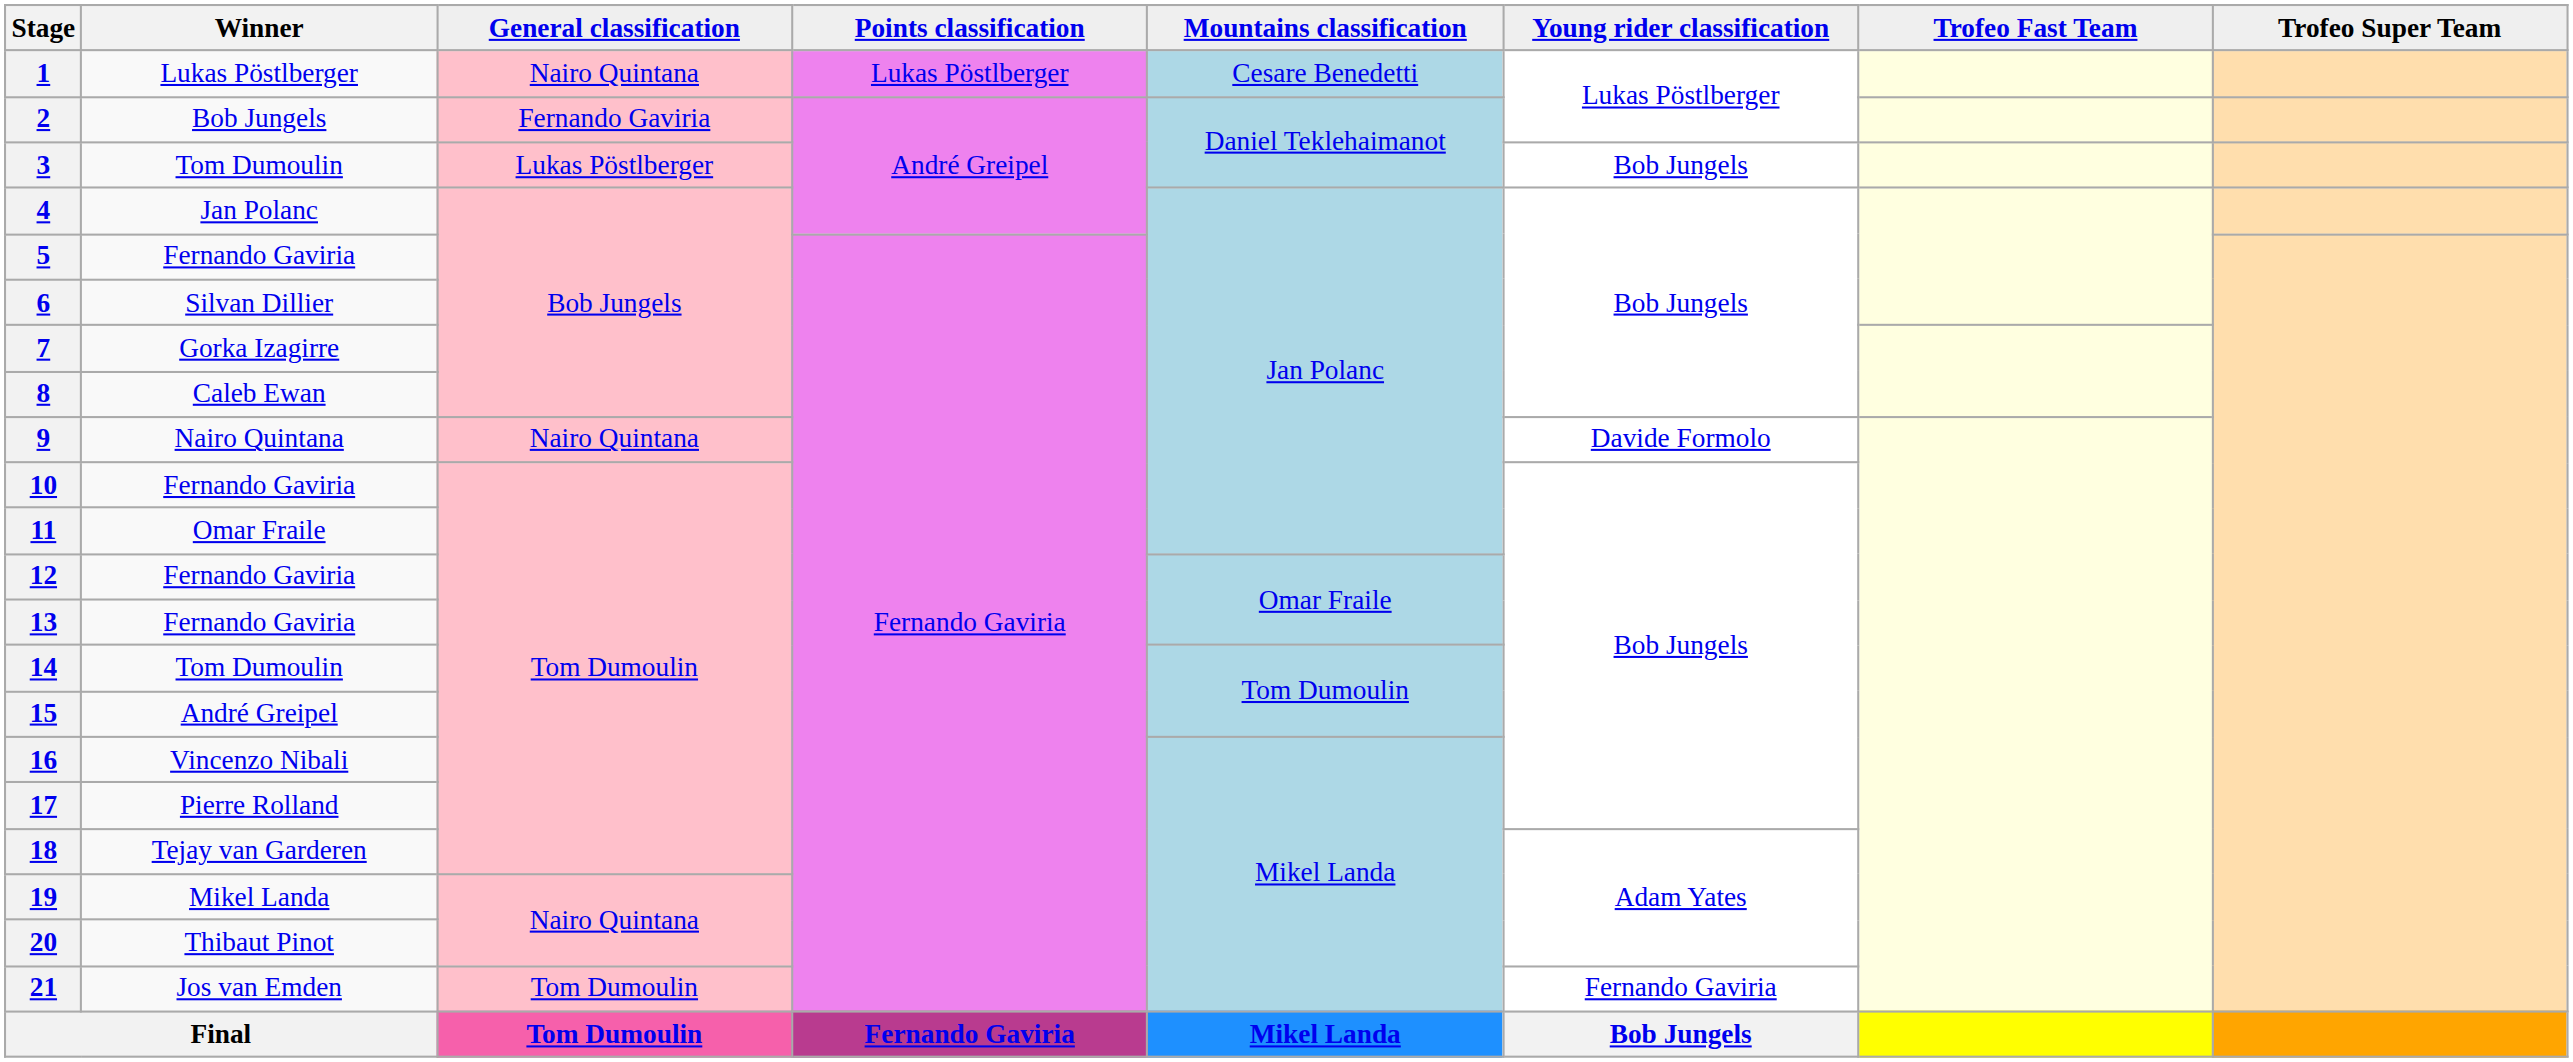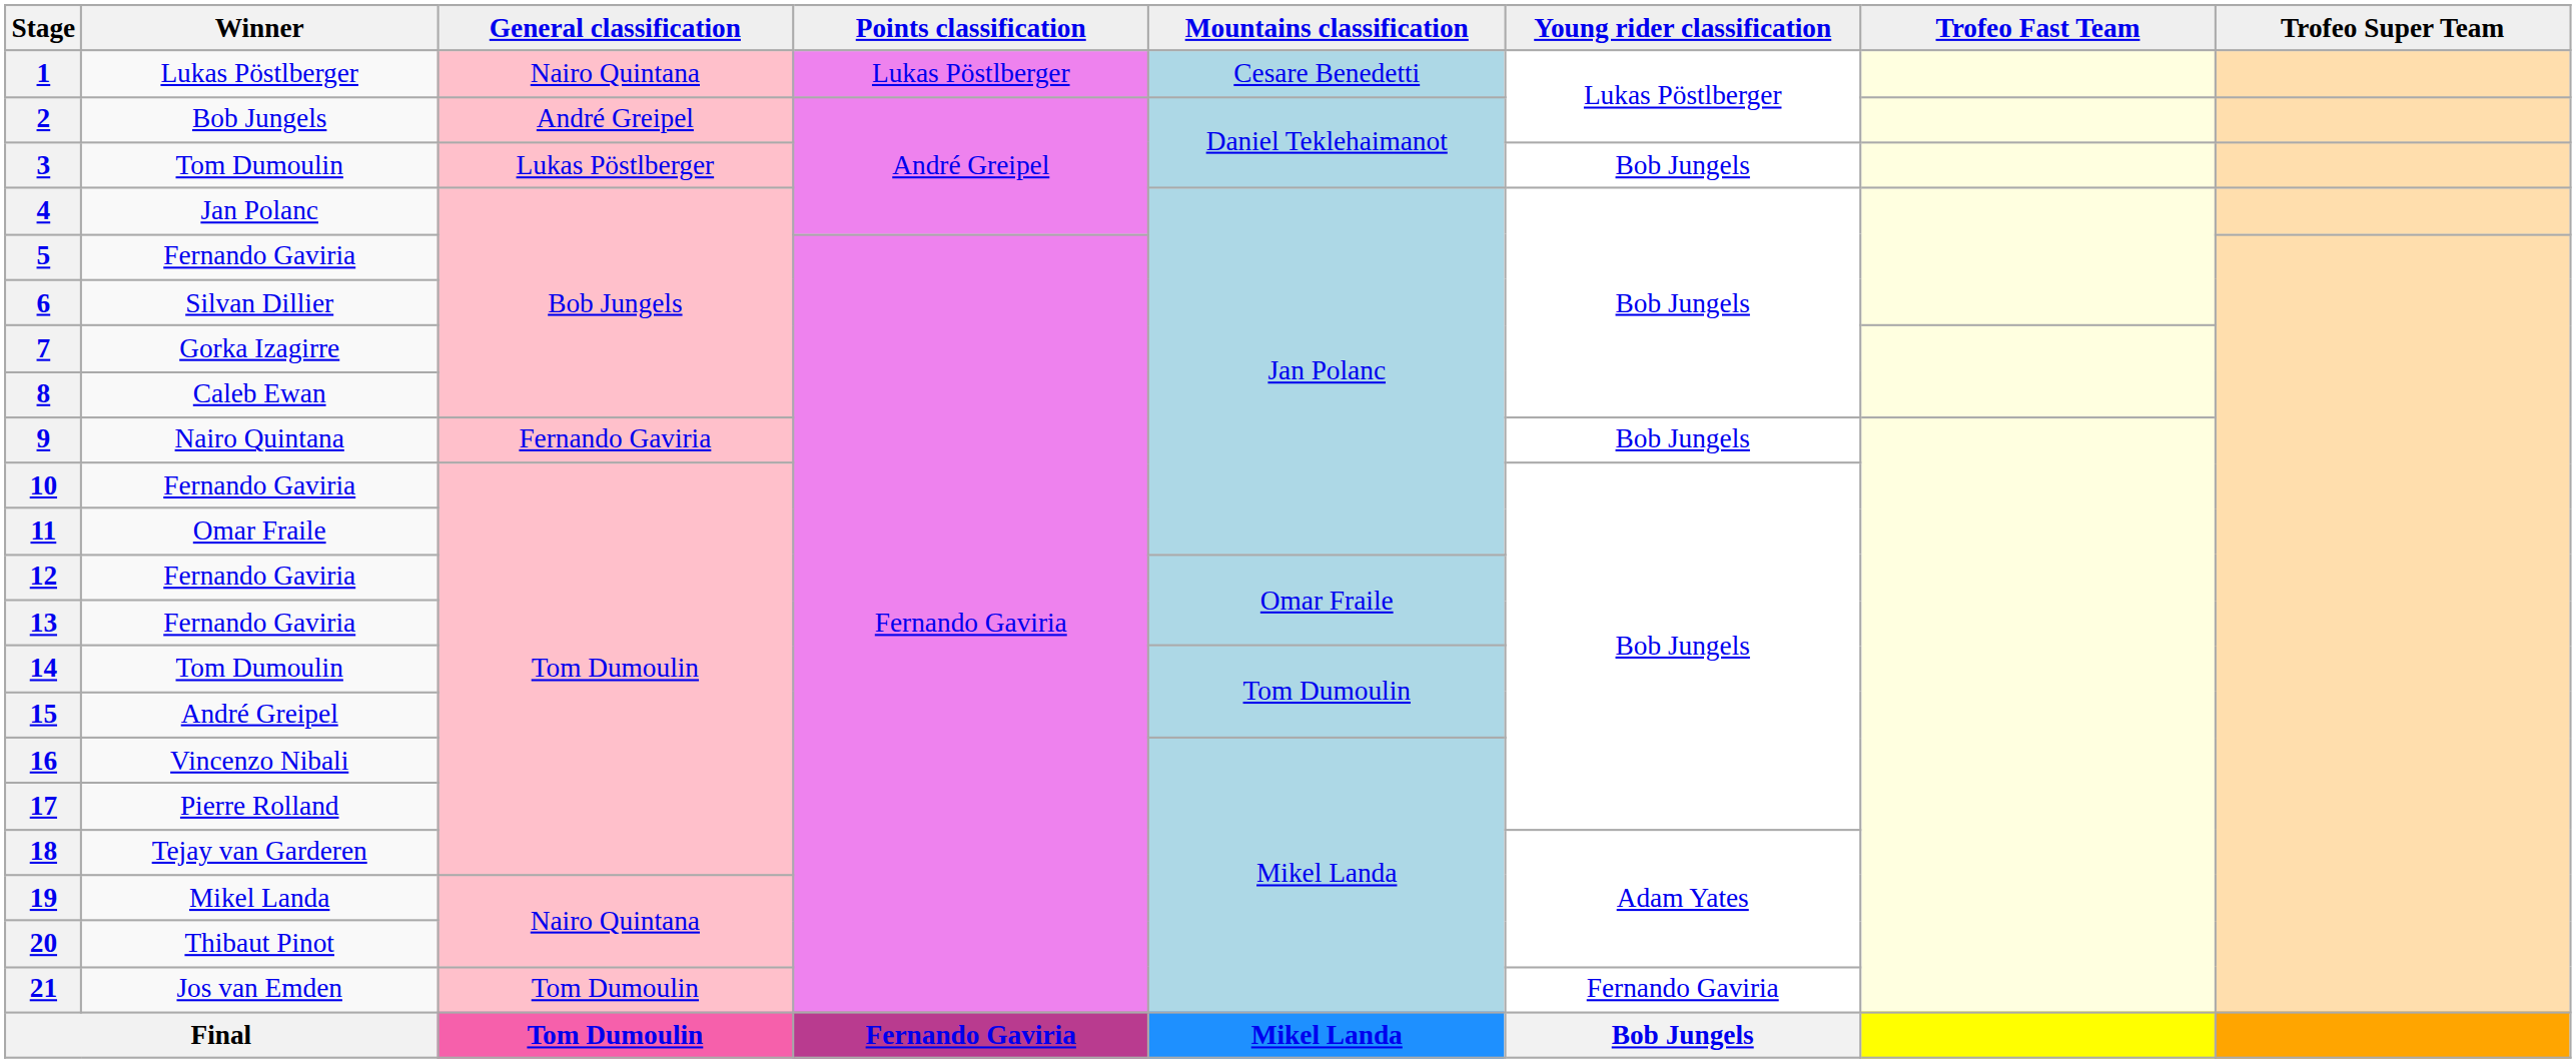 <table class="wikitable" style="text-align: center; font-size:smaller;">
 <tr style="background:#efefef;">
 <th style="width:1%;">Stage</th>
 <th style="width:14%;">Winner</th>
 <th style="background:#efefef; width:14%;"><a href='#'>General classification</a><br></th>
 <th style="background:#efefef; width:14%;"><a href='#'>Points classification</a><br></th>
 <th style="background:#efefef; width:14%;"><a href='#'>Mountains classification</a><br></th>
 <th style="background:#efefef; width:14%;"><a href='#'>Young rider classification</a><br></th>
 <th style="background:#efefef; width:14%;"><a href='#'>Trofeo Fast Team</a></th>
 <th style="background:#efefef; width:14%;">Trofeo Super Team</th>
 </tr>
 <tr>
 <th><a href='#'>1</a></th>
 <td><a href='#'>Lukas Pöstlberger</a></td>
 <td style="background:pink;"><a href='#'>Nairo Quintana</a></td>
 <td style="background:violet;"><a href='#'>Lukas Pöstlberger</a></td>
 <td style="background:lightblue;"><a href='#'>Cesare Benedetti</a></td>
 <td style="background:white;" rowspan=2><a href='#'>Lukas Pöstlberger</a></td>
 <td style="background:lightyellow;"></td>
 <td style="background:navajowhite;"></td>
 </tr>
 <tr>
 <th><a href='#'>2</a></th>
 <td><a href='#'>Bob Jungels</a></td>
-<td style="background:pink;"><a href='#'>Fernando Gaviria</a></td>
+<td style="background:pink;"><a href='#'>André Greipel</a></td>
 <td style="background:violet;" rowspan=3><a href='#'>André Greipel</a></td>
 <td style="background:lightblue;" rowspan=2><a href='#'>Daniel Teklehaimanot</a></td>
 <td style="background:lightyellow;"></td>
 <td style="background:navajowhite;"></td>
 </tr>
 <tr>
 <th><a href='#'>3</a></th>
 <td><a href='#'>Tom Dumoulin</a></td>
 <td style="background:pink;"><a href='#'>Lukas Pöstlberger</a></td>
 <td style="background:white;"><a href='#'>Bob Jungels</a></td>
 <td style="background:lightyellow;"></td>
 <td style="background:navajowhite;"></td>
 </tr>
 <tr>
 <th><a href='#'>4</a></th>
 <td><a href='#'>Jan Polanc</a></td>
 <td style="background:pink;" rowspan=5><a href='#'>Bob Jungels</a></td>
 <td style="background:lightblue;" rowspan=8><a href='#'>Jan Polanc</a></td>
 <td style="background:white;" rowspan=5><a href='#'>Bob Jungels</a></td>
 <td style="background:lightyellow;" rowspan=3></td>
 <td style="background:navajowhite;"></td>
 </tr>
 <tr>
 <th><a href='#'>5</a></th>
 <td><a href='#'>Fernando Gaviria</a></td>
 <td style="background:violet;" rowspan=17><a href='#'>Fernando Gaviria</a></td>
 <td style="background:navajowhite;" rowspan=17></td>
 </tr>
 <tr>
 <th><a href='#'>6</a></th>
 <td><a href='#'>Silvan Dillier</a></td>
 </tr>
 <tr>
 <th><a href='#'>7</a></th>
 <td><a href='#'>Gorka Izagirre</a></td>
 <td style="background:lightyellow;" rowspan=2></td>
 </tr>
 <tr>
 <th><a href='#'>8</a></th>
 <td><a href='#'>Caleb Ewan</a></td>
 </tr>
 <tr>
 <th><a href='#'>9</a></th>
 <td><a href='#'>Nairo Quintana</a></td>
-<td style="background:pink;"><a href='#'>Nairo Quintana</a></td>
-<td style="background:white;"><a href='#'>Davide Formolo</a></td>
+<td style="background:pink;"><a href='#'>Fernando Gaviria</a></td>
+<td style="background:white;"><a href='#'>Bob Jungels</a></td>
 <td style="background:lightyellow;" rowspan=13></td>
 </tr>
 <tr>
 <th><a href='#'>10</a></th>
 <td><a href='#'>Fernando Gaviria</a></td>
 <td style="background:pink;" rowspan=9><a href='#'>Tom Dumoulin</a></td>
 <td style="background:white;" rowspan=8><a href='#'>Bob Jungels</a></td>
 </tr>
 <tr>
 <th><a href='#'>11</a></th>
 <td><a href='#'>Omar Fraile</a></td>
 </tr>
 <tr>
 <th><a href='#'>12</a></th>
 <td><a href='#'>Fernando Gaviria</a></td>
 <td style="background:lightblue;" rowspan=2><a href='#'>Omar Fraile</a></td>
 </tr>
 <tr>
 <th><a href='#'>13</a></th>
 <td><a href='#'>Fernando Gaviria</a></td>
 </tr>
 <tr>
 <th><a href='#'>14</a></th>
 <td><a href='#'>Tom Dumoulin</a></td>
 <td style="background:lightblue;" rowspan=2><a href='#'>Tom Dumoulin</a></td>
 </tr>
 <tr>
 <th><a href='#'>15</a></th>
 <td><a href='#'>André Greipel</a></td>
 </tr>
 <tr>
 <th><a href='#'>16</a></th>
 <td><a href='#'>Vincenzo Nibali</a></td>
 <td style="background:lightblue;" rowspan=6><a href='#'>Mikel Landa</a></td>
 </tr>
 <tr>
 <th><a href='#'>17</a></th>
 <td><a href='#'>Pierre Rolland</a></td>
 </tr>
 <tr>
 <th><a href='#'>18</a></th>
 <td><a href='#'>Tejay van Garderen</a></td>
 <td style="background:white;" rowspan=3><a href='#'>Adam Yates</a></td>
 </tr>
 <tr>
 <th><a href='#'>19</a></th>
 <td><a href='#'>Mikel Landa</a></td>
 <td style="background:pink;" rowspan=2><a href='#'>Nairo Quintana</a></td>
 </tr>
 <tr>
 <th><a href='#'>20</a></th>
 <td><a href='#'>Thibaut Pinot</a></td>
 </tr>
 <tr>
 <th><a href='#'>21</a></th>
 <td><a href='#'>Jos van Emden</a></td>
 <td style="background:pink;"><a href='#'>Tom Dumoulin</a></td>
 <td style="background:white;"><a href='#'>Fernando Gaviria</a></td>
 </tr>
 <tr>
 <th colspan=2>Final</th>
 <th style="background:#F660AB;"><a href='#'>Tom Dumoulin</a></th>
 <th style="background:#B93B8F;"><a href='#'>Fernando Gaviria</a></th>
 <th style="background:dodgerblue;"><a href='#'>Mikel Landa</a></th>
 <th style="background:offwhite;"><a href='#'>Bob Jungels</a></th>
 <th style="background:yellow;"></th>
 <th style="background:orange;"></th>
 </tr>
 </table>
